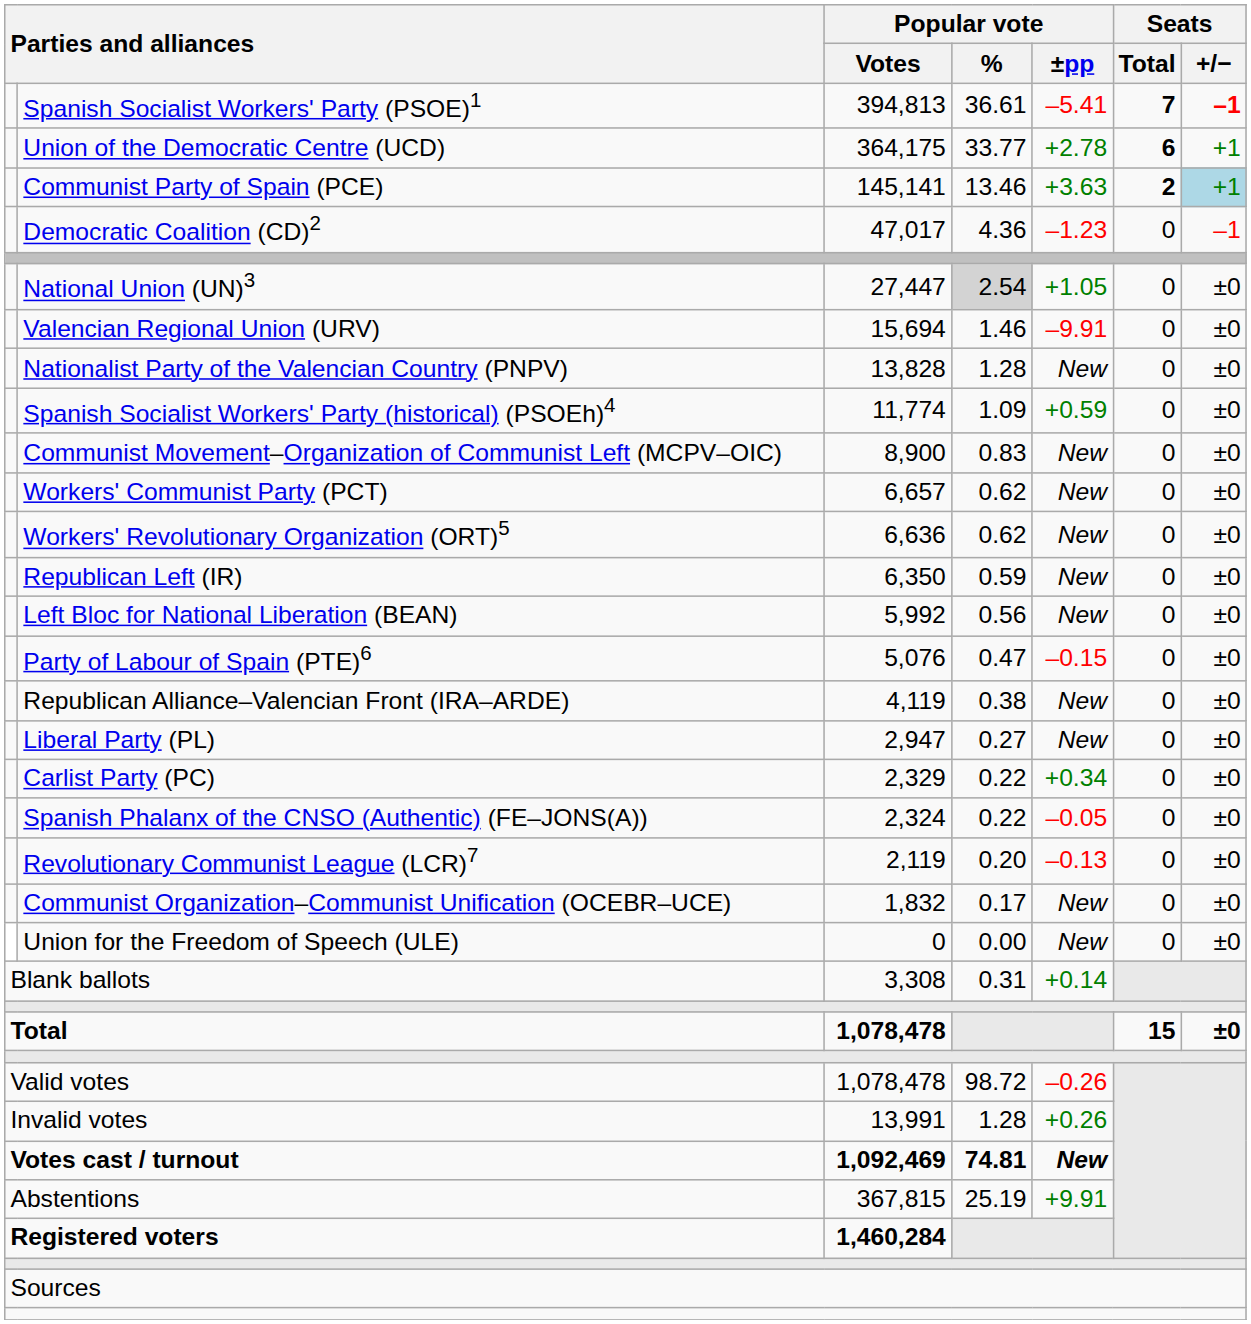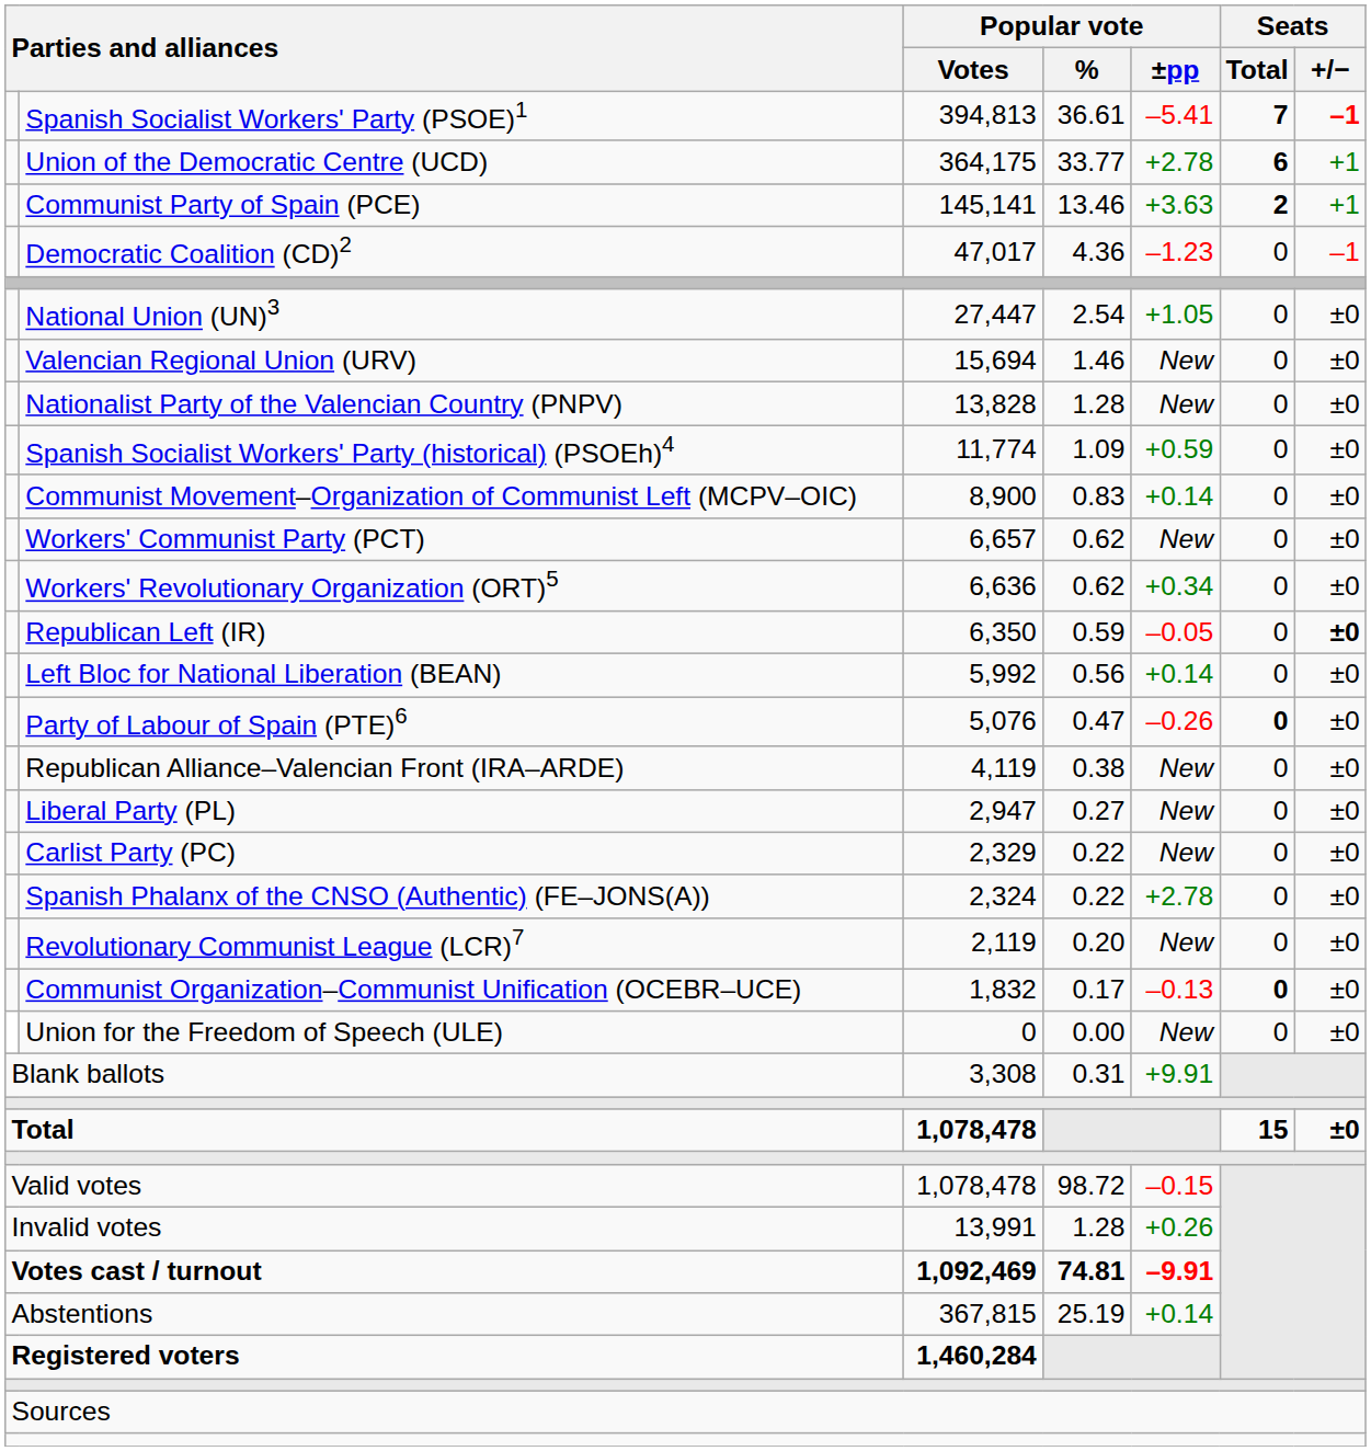 <table class="wikitable" style="text-align:right;">
 <tr>
 <th style="text-align:left;" rowspan="2" colspan="2" width="525">Parties and alliances</th>
 <th colspan="3">Popular vote</th>
 <th colspan="2">Seats</th>
 </tr>
 <tr>
 <th width="75">Votes</th>
 <th width="45">%</th>
 <th width="45">±<a href='#'>pp</a></th>
 <th width="35">Total</th>
 <th width="35">+/−</th>
 </tr>
 <tr>
 <td width="1" style="color:inherit;background:"></td>
 <td align="left"><a href='#'>Spanish Socialist Workers' Party</a> (PSOE)<sup>1</sup></td>
 <td>394,813</td>
 <td>36.61</td>
 <td style="color:red;">–5.41</td>
 <td><strong>7</strong></td>
 <td style="color:red;"><strong>–1</strong></td>
 </tr>
 <tr>
 <td style="color:inherit;background:"></td>
 <td align="left"><a href='#'>Union of the Democratic Centre</a> (UCD)</td>
 <td>364,175</td>
 <td>33.77</td>
 <td style="color:green;">+2.78</td>
 <td><strong>6</strong></td>
 <td style="color:green;">+1</td>
 </tr>
 <tr>
 <td style="color:inherit;background:"></td>
 <td align="left"><a href='#'>Communist Party of Spain</a> (PCE)</td>
 <td>145,141</td>
 <td>13.46</td>
 <td style="color:green;">+3.63</td>
 <td><strong>2</strong></td>
-<td style="background: lightblue; color:green;">+1</td>
+<td style="color:green;">+1</td>
 </tr>
 <tr>
 <td style="color:inherit;background:"></td>
 <td align="left"><a href='#'>Democratic Coalition</a> (CD)<sup>2</sup></td>
 <td>47,017</td>
 <td>4.36</td>
 <td style="color:red;">–1.23</td>
 <td>0</td>
 <td style="color:red;">–1</td>
 </tr>
 <tr>
 <td colspan="7" bgcolor="#C0C0C0"></td>
 </tr>
 <tr>
 <td style="color:inherit;background:"></td>
 <td align="left"><a href='#'>National Union</a> (UN)<sup>3</sup></td>
 <td>27,447</td>
-<td style="background: lightgrey;">2.54</td>
+<td>2.54</td>
 <td style="color:green;">+1.05</td>
 <td>0</td>
 <td>±0</td>
 </tr>
 <tr>
 <td style="color:inherit;background:"></td>
 <td align="left"><a href='#'>Valencian Regional Union</a> (URV)</td>
 <td>15,694</td>
 <td>1.46</td>
-<td style="color:red;">–9.91</td>
+<td><em>New</em></td>
 <td>0</td>
 <td>±0</td>
 </tr>
 <tr>
 <td style="color:inherit;background:"></td>
 <td align="left"><a href='#'>Nationalist Party of the Valencian Country</a> (PNPV)</td>
 <td>13,828</td>
 <td>1.28</td>
 <td><em>New</em></td>
 <td>0</td>
 <td>±0</td>
 </tr>
 <tr>
 <td style="color:inherit;background:"></td>
 <td align="left"><a href='#'>Spanish Socialist Workers' Party (historical)</a> (PSOEh)<sup>4</sup></td>
 <td>11,774</td>
 <td>1.09</td>
 <td style="color:green;">+0.59</td>
 <td>0</td>
 <td>±0</td>
 </tr>
 <tr>
 <td style="color:inherit;background:"></td>
 <td align="left"><a href='#'>Communist Movement</a>–<a href='#'>Organization of Communist Left</a> (MCPV–OIC)</td>
 <td>8,900</td>
 <td>0.83</td>
-<td><em>New</em></td>
+<td style="color:green;">+0.14</td>
 <td>0</td>
 <td>±0</td>
 </tr>
 <tr>
 <td style="color:inherit;background:"></td>
 <td align="left"><a href='#'>Workers' Communist Party</a> (PCT)</td>
 <td>6,657</td>
 <td>0.62</td>
 <td><em>New</em></td>
 <td>0</td>
 <td>±0</td>
 </tr>
 <tr>
 <td style="color:inherit;background:"></td>
 <td align="left"><a href='#'>Workers' Revolutionary Organization</a> (ORT)<sup>5</sup></td>
 <td>6,636</td>
 <td>0.62</td>
-<td><em>New</em></td>
+<td style="color:green;">+0.34</td>
 <td>0</td>
 <td>±0</td>
 </tr>
 <tr>
 <td style="color:inherit;background:"></td>
 <td align="left"><a href='#'>Republican Left</a> (IR)</td>
 <td>6,350</td>
 <td>0.59</td>
-<td><em>New</em></td>
+<td style="color:red;">–0.05</td>
 <td>0</td>
-<td>±0</td>
+<td><strong>±0</strong></td>
 </tr>
 <tr>
 <td style="color:inherit;background:"></td>
 <td align="left"><a href='#'>Left Bloc for National Liberation</a> (BEAN)</td>
 <td>5,992</td>
 <td>0.56</td>
-<td><em>New</em></td>
+<td style="color:green;">+0.14</td>
 <td>0</td>
 <td>±0</td>
 </tr>
 <tr>
 <td style="color:inherit;background:"></td>
 <td align="left"><a href='#'>Party of Labour of Spain</a> (PTE)<sup>6</sup></td>
 <td>5,076</td>
 <td>0.47</td>
-<td style="color:red;">–0.15</td>
-<td>0</td>
+<td style="color:red;">–0.26</td>
+<td><strong>0</strong></td>
 <td>±0</td>
 </tr>
 <tr>
 <td style="color:inherit;background:"></td>
 <td align="left">Republican Alliance–Valencian Front (IRA–ARDE)</td>
 <td>4,119</td>
 <td>0.38</td>
 <td><em>New</em></td>
 <td>0</td>
 <td>±0</td>
 </tr>
 <tr>
 <td style="color:inherit;background:"></td>
 <td align="left"><a href='#'>Liberal Party</a> (PL)</td>
 <td>2,947</td>
 <td>0.27</td>
 <td><em>New</em></td>
 <td>0</td>
 <td>±0</td>
 </tr>
 <tr>
 <td style="color:inherit;background:"></td>
 <td align="left"><a href='#'>Carlist Party</a> (PC)</td>
 <td>2,329</td>
 <td>0.22</td>
-<td style="color:green;">+0.34</td>
+<td><em>New</em></td>
 <td>0</td>
 <td>±0</td>
 </tr>
 <tr>
 <td style="color:inherit;background:"></td>
 <td align="left"><a href='#'>Spanish Phalanx of the CNSO (Authentic)</a> (FE–JONS(A))</td>
 <td>2,324</td>
 <td>0.22</td>
-<td style="color:red;">–0.05</td>
+<td style="color:green;">+2.78</td>
 <td>0</td>
 <td>±0</td>
 </tr>
 <tr>
 <td style="color:inherit;background:"></td>
 <td align="left"><a href='#'>Revolutionary Communist League</a> (LCR)<sup>7</sup></td>
 <td>2,119</td>
 <td>0.20</td>
-<td style="color:red;">–0.13</td>
+<td><em>New</em></td>
 <td>0</td>
 <td>±0</td>
 </tr>
 <tr>
 <td style="color:inherit;background:"></td>
 <td align="left"><a href='#'>Communist Organization</a>–<a href='#'>Communist Unification</a> (OCEBR–UCE)</td>
 <td>1,832</td>
 <td>0.17</td>
-<td><em>New</em></td>
-<td>0</td>
+<td style="color:red;">–0.13</td>
+<td><strong>0</strong></td>
 <td>±0</td>
 </tr>
 <tr>
 <td bgcolor="white"></td>
 <td align="left">Union for the Freedom of Speech (ULE)</td>
 <td>0</td>
 <td>0.00</td>
 <td><em>New</em></td>
 <td>0</td>
 <td>±0</td>
 </tr>
 <tr>
 <td align="left" colspan="2">Blank ballots</td>
 <td>3,308</td>
 <td>0.31</td>
-<td style="color:green;">+0.14</td>
+<td style="color:green;">+9.91</td>
 <td bgcolor="#E9E9E9" colspan="2"></td>
 </tr>
 <tr>
 <td colspan="7" bgcolor="#E9E9E9"></td>
 </tr>
 <tr style="font-weight:bold;">
 <td align="left" colspan="2">Total</td>
 <td>1,078,478</td>
 <td bgcolor="#E9E9E9" colspan="2"></td>
 <td>15</td>
 <td>±0</td>
 </tr>
 <tr>
 <td colspan="7" bgcolor="#E9E9E9"></td>
 </tr>
 <tr>
 <td align="left" colspan="2">Valid votes</td>
 <td>1,078,478</td>
 <td>98.72</td>
-<td style="color:red;">–0.26</td>
+<td style="color:red;">–0.15</td>
 <td bgcolor="#E9E9E9" colspan="2" rowspan="5"></td>
 </tr>
 <tr>
 <td align="left" colspan="2">Invalid votes</td>
 <td>13,991</td>
 <td>1.28</td>
 <td style="color:green;">+0.26</td>
 </tr>
 <tr style="font-weight:bold;">
 <td align="left" colspan="2">Votes cast / turnout</td>
 <td>1,092,469</td>
 <td>74.81</td>
-<td><em>New</em></td>
+<td style="color:red;">–9.91</td>
 </tr>
 <tr>
 <td align="left" colspan="2">Abstentions</td>
 <td>367,815</td>
 <td>25.19</td>
-<td style="color:green;">+9.91</td>
+<td style="color:green;">+0.14</td>
 </tr>
 <tr style="font-weight:bold;">
 <td align="left" colspan="2">Registered voters</td>
 <td>1,460,284</td>
 <td bgcolor="#E9E9E9" colspan="2"></td>
 </tr>
 <tr>
 <td colspan="7" bgcolor="#E9E9E9"></td>
 </tr>
 <tr>
 <td align="left" colspan="7">Sources</td>
 </tr>
 <tr>
 <td colspan="7" style="text-align:left; max-width:790px;"></td>
 </tr>
 </table>
